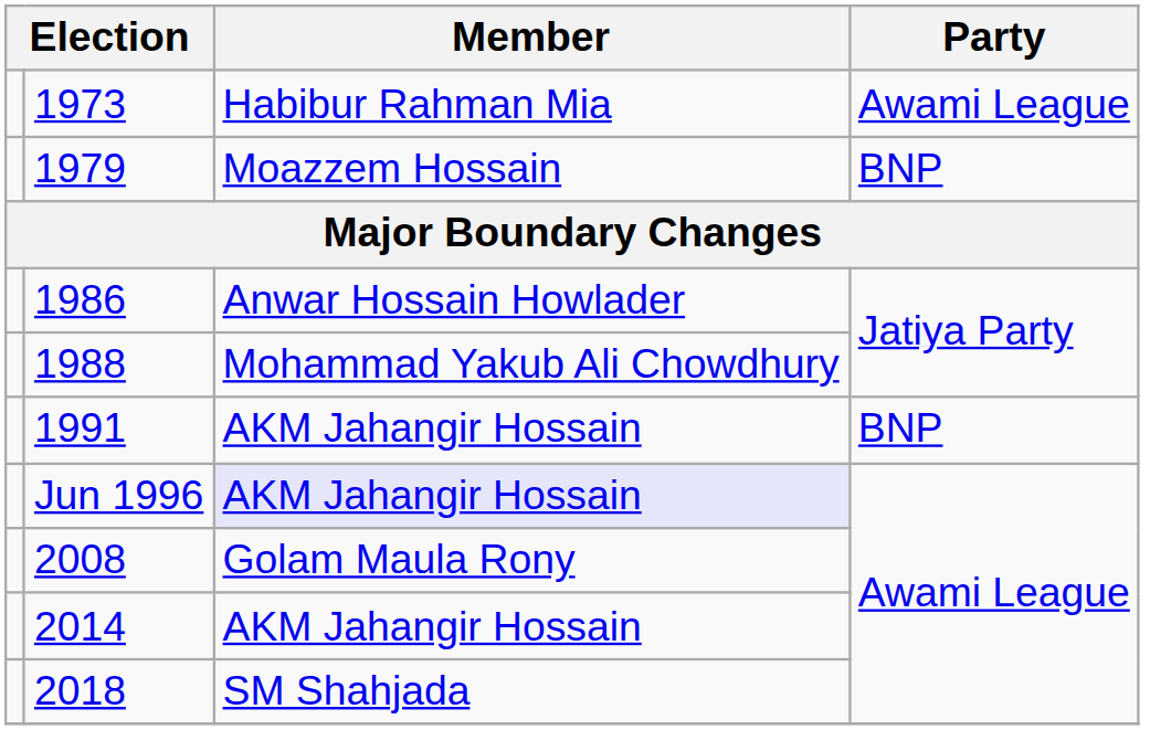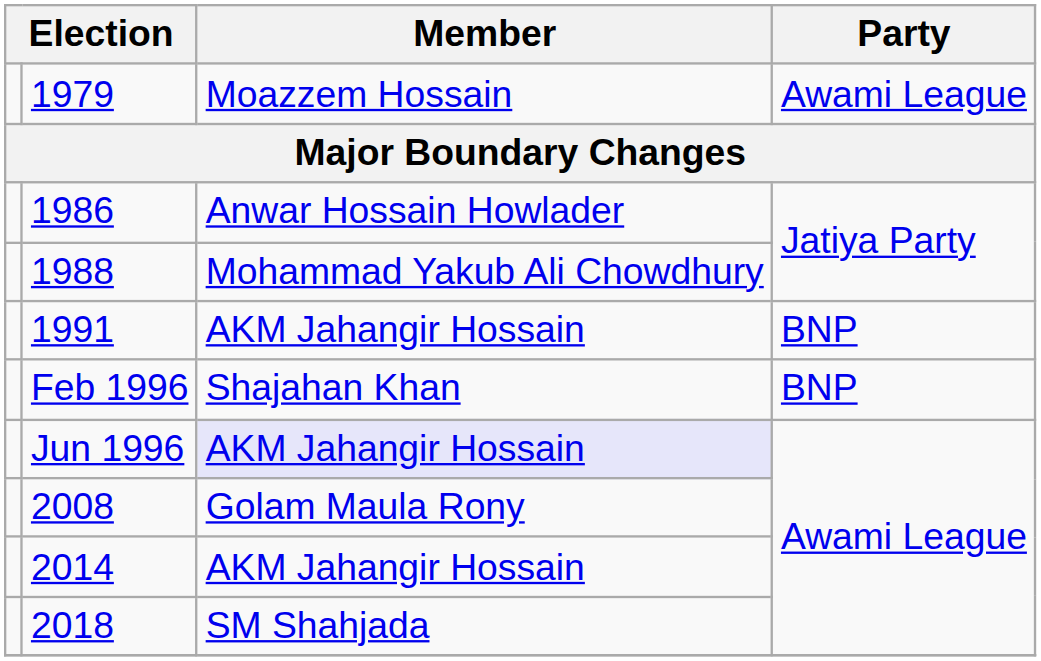 <table class="wikitable">
 <tr>
 <th colspan="2">Election</th>
 <th>Member</th>
 <th>Party</th>
 </tr>
 <tr>
 <td style="background-color:"></td>
-<td><a href='#'>1973</a></td>
-<td><a href='#'>Habibur Rahman Mia</a></td>
-<td><a href='#'>Awami League</a></td>
-</tr>
-<tr>
-<td style="background-color:"></td>
 <td><a href='#'>1979</a></td>
 <td><a href='#'>Moazzem Hossain</a></td>
-<td><a href='#'>BNP</a></td>
+<td><a href='#'>Awami League</a></td>
 </tr>
 <tr>
 <th colspan="4">Major Boundary Changes</th>
 </tr>
 <tr>
 <td style="background-color:"></td>
 <td><a href='#'>1986</a></td>
 <td><a href='#'>Anwar Hossain Howlader</a></td>
 <td rowspan="2"><a href='#'>Jatiya Party</a></td>
 </tr>
 <tr>
 <td style="background-color:"></td>
 <td><a href='#'>1988</a></td>
 <td><a href='#'>Mohammad Yakub Ali Chowdhury</a></td>
 </tr>
 <tr>
 <td style="background-color:"></td>
 <td><a href='#'>1991</a></td>
 <td><a href='#'>AKM Jahangir Hossain</a></td>
+<td><a href='#'>BNP</a></td>
+</tr>
+<tr>
+<td style="background-color:"></td>
+<td><a href='#'>Feb 1996</a></td>
+<td><a href='#'>Shajahan Khan</a></td>
 <td><a href='#'>BNP</a></td>
 </tr>
 <tr>
 <td style="background-color:"></td>
 <td><a href='#'>Jun 1996</a></td>
 <td style="background: lavender;"><a href='#'>AKM Jahangir Hossain</a></td>
 <td rowspan="4"><a href='#'>Awami League</a></td>
 </tr>
 <tr>
 <td style="background-color:"></td>
 <td><a href='#'>2008</a></td>
 <td><a href='#'>Golam Maula Rony</a></td>
 </tr>
 <tr>
 <td style="background-color:"></td>
 <td><a href='#'>2014</a></td>
 <td><a href='#'>AKM Jahangir Hossain</a></td>
 </tr>
 <tr>
 <td style="background-color:"></td>
 <td><a href='#'>2018</a></td>
 <td><a href='#'>SM Shahjada</a></td>
 </tr>
 <tr>
 </tr>
 </table>
